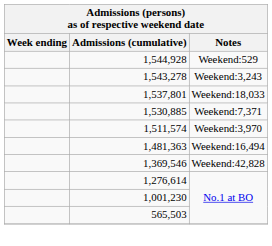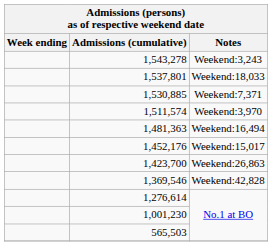 <table class="wikitable sortable">
 <tr>
 <th colspan="3">Admissions (persons)<br>as of respective weekend date</th>
 </tr>
 <tr>
 <th>Week ending</th>
 <th>Admissions (cumulative)</th>
 <th class="unsortable">Notes</th>
-</tr>
-<tr>
-<td></td>
-<td style="text-align:right;">1,544,928</td>
-<td style="text-align:center;">Weekend:529</td>
 </tr>
 <tr>
 <td></td>
 <td style="text-align:right;">1,543,278</td>
 <td style="text-align:center;">Weekend:3,243</td>
 </tr>
 <tr>
 <td></td>
 <td style="text-align:right;">1,537,801</td>
 <td style="text-align:center;">Weekend:18,033</td>
 </tr>
 <tr>
 <td></td>
 <td style="text-align:right;">1,530,885</td>
 <td style="text-align:center;">Weekend:7,371</td>
 </tr>
 <tr>
 <td></td>
 <td style="text-align:right;">1,511,574</td>
 <td style="text-align:center;">Weekend:3,970</td>
 </tr>
 <tr>
 <td></td>
 <td style="text-align:right;">1,481,363</td>
 <td style="text-align:center;">Weekend:16,494</td>
 </tr>
 <tr>
 <td></td>
+<td style="text-align:right;">1,452,176</td>
+<td style="text-align:center;">Weekend:15,017</td>
+</tr>
+<tr>
+<td></td>
+<td style="text-align:right;">1,423,700</td>
+<td style="text-align:center;">Weekend:26,863</td>
+</tr>
+<tr>
+<td></td>
 <td style="text-align:right;">1,369,546</td>
 <td style="text-align:center;">Weekend:42,828</td>
 </tr>
 <tr style="text-align:center;">
 <td></td>
 <td style="text-align:right;">1,276,614</td>
 <td rowspan=3><a href='#'>No.1 at BO</a></td>
 </tr>
 <tr style="text-align:center;">
 <td></td>
 <td style="text-align:right;">1,001,230</td>
 </tr>
 <tr style="text-align:center;">
 <td></td>
 <td style="text-align:right;">565,503</td>
 </tr>
 <tr>
 </tr>
 </table>
